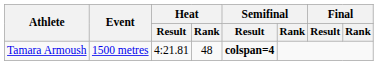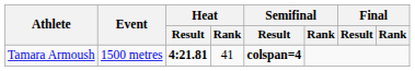 <table class="wikitable" style="font-size:90%">
 <tr>
 <th rowspan="2">Athlete</th>
 <th rowspan="2">Event</th>
 <th colspan="2">Heat</th>
 <th colspan="2">Semifinal</th>
 <th colspan="2">Final</th>
 </tr>
 <tr style="font-size:95%">
 <th>Result</th>
 <th>Rank</th>
 <th>Result</th>
 <th>Rank</th>
 <th>Result</th>
 <th>Rank</th>
 </tr>
 <tr style=text-align:center>
 <td style=text-align:left><a href='#'>Tamara Armoush</a></td>
 <td style=text-align:left><a href='#'>1500 metres</a></td>
-<td>4:21.81</td>
-<td>48</td>
+<td><strong>4:21.81</strong></td>
+<td>41</td>
 <td><strong>colspan=4 </strong></td>
 </tr>
 </table>
